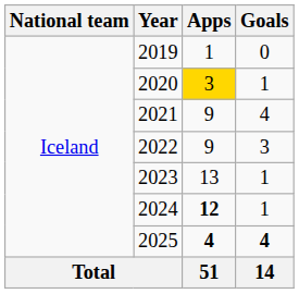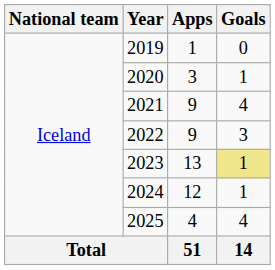 <table class="wikitable" style="text-align:center">
 <tr>
 <th>National team</th>
 <th>Year</th>
 <th>Apps</th>
 <th>Goals</th>
 </tr>
 <tr>
 <td rowspan="7"><a href='#'>Iceland</a></td>
 <td>2019</td>
 <td>1</td>
 <td>0</td>
 </tr>
 <tr>
 <td>2020</td>
-<td style="background: gold;">3</td>
+<td>3</td>
 <td>1</td>
 </tr>
 <tr>
 <td>2021</td>
 <td>9</td>
 <td>4</td>
 </tr>
 <tr>
 <td>2022</td>
 <td>9</td>
 <td>3</td>
 </tr>
 <tr>
 <td>2023</td>
 <td>13</td>
-<td>1</td>
+<td style="background: khaki;">1</td>
 </tr>
 <tr>
 <td>2024</td>
-<td><strong>12</strong></td>
+<td>12</td>
 <td>1</td>
 </tr>
 <tr>
 <td>2025</td>
-<td><strong>4</strong></td>
-<td><strong>4</strong></td>
+<td>4</td>
+<td>4</td>
 </tr>
 <tr>
 <th colspan="2">Total</th>
 <th>51</th>
 <th>14</th>
 </tr>
 </table>
